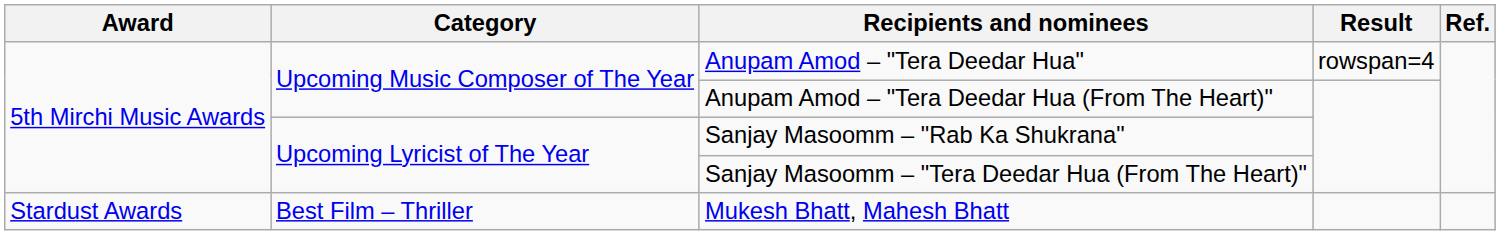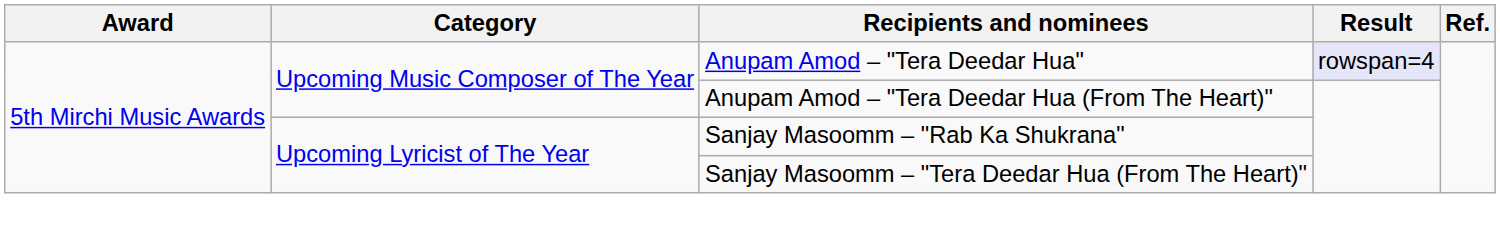 <table class="wikitable sortable">
 <tr>
 <th>Award</th>
 <th>Category</th>
 <th>Recipients and nominees</th>
 <th>Result</th>
 <th>Ref.</th>
 </tr>
 <tr>
 <td rowspan=4><a href='#'>5th Mirchi Music Awards</a></td>
 <td rowspan=2><a href='#'>Upcoming Music Composer of The Year</a></td>
 <td><a href='#'>Anupam Amod</a> – "Tera Deedar Hua"</td>
-<td>rowspan=4  </td>
+<td style="background: lavender;">rowspan=4  </td>
 <td rowspan=4></td>
 </tr>
 <tr>
 <td>Anupam Amod – "Tera Deedar Hua (From The Heart)"</td>
 </tr>
 <tr>
 <td rowspan=2><a href='#'>Upcoming Lyricist of The Year</a></td>
 <td>Sanjay Masoomm – "Rab Ka Shukrana"</td>
 </tr>
 <tr>
 <td>Sanjay Masoomm – "Tera Deedar Hua (From The Heart)"</td>
 </tr>
-<tr>
-<td><a href='#'>Stardust Awards</a></td>
-<td><a href='#'>Best Film – Thriller</a></td>
-<td><a href='#'>Mukesh Bhatt</a>, <a href='#'>Mahesh Bhatt</a></td>
-<td></td>
-<td></td>
-</tr>
 </table>
